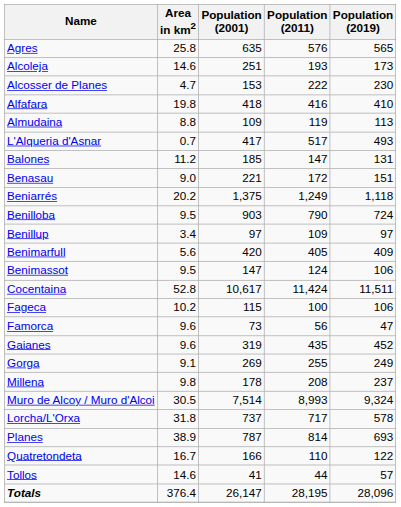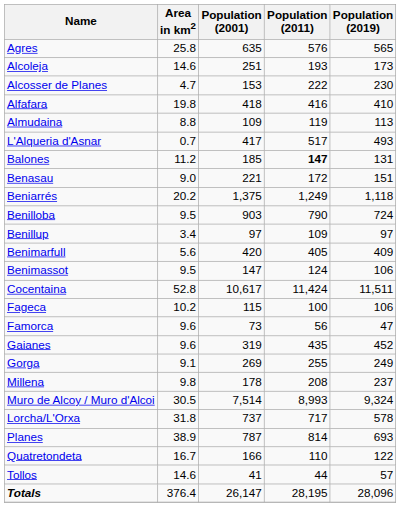 <table class="wikitable sortable">
 <tr>
 <th><strong>Name</strong></th>
 <th><strong>Area<br>in km<sup>2</sup></strong></th>
 <th><strong>Population<br>(2001)</strong></th>
 <th><strong>Population<br>(2011)</strong></th>
 <th><strong>Population<br>(2019)</strong></th>
 </tr>
 <tr>
 <td><a href='#'>Agres</a></td>
 <td align=right>25.8</td>
 <td align=right>635</td>
 <td align=right>576</td>
 <td align=right>565</td>
 </tr>
 <tr>
 <td><a href='#'>Alcoleja</a></td>
 <td align=right>14.6</td>
 <td align=right>251</td>
 <td align=right>193</td>
 <td align=right>173</td>
 </tr>
 <tr>
 <td><a href='#'>Alcosser de Planes</a></td>
 <td align=right>4.7</td>
 <td align=right>153</td>
 <td align=right>222</td>
 <td align=right>230</td>
 </tr>
 <tr>
 <td><a href='#'>Alfafara</a></td>
 <td align=right>19.8</td>
 <td align=right>418</td>
 <td align=right>416</td>
 <td align=right>410</td>
 </tr>
 <tr>
 <td><a href='#'>Almudaina</a></td>
 <td align=right>8.8</td>
 <td align=right>109</td>
 <td align=right>119</td>
 <td align=right>113</td>
 </tr>
 <tr>
 <td><a href='#'>L'Alqueria d'Asnar</a></td>
 <td align=right>0.7</td>
 <td align=right>417</td>
 <td align=right>517</td>
 <td align=right>493</td>
 </tr>
 <tr>
 <td><a href='#'>Balones</a></td>
 <td align=right>11.2</td>
 <td align=right>185</td>
-<td align=right>147</td>
+<td align=right><strong>147</strong></td>
 <td align=right>131</td>
 </tr>
 <tr>
 <td><a href='#'>Benasau</a></td>
 <td align=right>9.0</td>
 <td align=right>221</td>
 <td align=right>172</td>
 <td align=right>151</td>
 </tr>
 <tr>
 <td><a href='#'>Beniarrés</a></td>
 <td align=right>20.2</td>
 <td align=right>1,375</td>
 <td align=right>1,249</td>
 <td align=right>1,118</td>
 </tr>
 <tr>
 <td><a href='#'>Benilloba</a></td>
 <td align=right>9.5</td>
 <td align=right>903</td>
 <td align=right>790</td>
 <td align=right>724</td>
 </tr>
 <tr>
 <td><a href='#'>Benillup</a></td>
 <td align=right>3.4</td>
 <td align=right>97</td>
 <td align=right>109</td>
 <td align=right>97</td>
 </tr>
 <tr>
 <td><a href='#'>Benimarfull</a></td>
 <td align=right>5.6</td>
 <td align=right>420</td>
 <td align=right>405</td>
 <td align=right>409</td>
 </tr>
 <tr>
 <td><a href='#'>Benimassot</a></td>
 <td align=right>9.5</td>
 <td align=right>147</td>
 <td align=right>124</td>
 <td align=right>106</td>
 </tr>
 <tr>
 <td><a href='#'>Cocentaina</a></td>
 <td align=right>52.8</td>
 <td align=right>10,617</td>
 <td align=right>11,424</td>
 <td align=right>11,511</td>
 </tr>
 <tr>
 <td><a href='#'>Fageca</a></td>
 <td align=right>10.2</td>
 <td align=right>115</td>
 <td align=right>100</td>
 <td align=right>106</td>
 </tr>
 <tr>
 <td><a href='#'>Famorca</a></td>
 <td align=right>9.6</td>
 <td align=right>73</td>
 <td align=right>56</td>
 <td align=right>47</td>
 </tr>
 <tr>
 <td><a href='#'>Gaianes</a></td>
 <td align=right>9.6</td>
 <td align=right>319</td>
 <td align=right>435</td>
 <td align=right>452</td>
 </tr>
 <tr>
 <td><a href='#'>Gorga</a></td>
 <td align=right>9.1</td>
 <td align=right>269</td>
 <td align=right>255</td>
 <td align=right>249</td>
 </tr>
 <tr>
 <td><a href='#'>Millena</a></td>
 <td align=right>9.8</td>
 <td align=right>178</td>
 <td align=right>208</td>
 <td align=right>237</td>
 </tr>
 <tr>
 <td><a href='#'>Muro de Alcoy / Muro d'Alcoi</a></td>
 <td align=right>30.5</td>
 <td align=right>7,514</td>
 <td align=right>8,993</td>
 <td align=right>9,324</td>
 </tr>
 <tr>
 <td><a href='#'>Lorcha/L'Orxa</a></td>
 <td align=right>31.8</td>
 <td align=right>737</td>
 <td align=right>717</td>
 <td align=right>578</td>
 </tr>
 <tr>
 <td><a href='#'>Planes</a></td>
 <td align=right>38.9</td>
 <td align=right>787</td>
 <td align=right>814</td>
 <td align=right>693</td>
 </tr>
 <tr>
 <td><a href='#'>Quatretondeta</a></td>
 <td align=right>16.7</td>
 <td align=right>166</td>
 <td align=right>110</td>
 <td align=right>122</td>
 </tr>
 <tr>
 <td><a href='#'>Tollos</a></td>
 <td align=right>14.6</td>
 <td align=right>41</td>
 <td align=right>44</td>
 <td align=right>57</td>
 </tr>
 <tr>
 <td><strong><em>Totals</em></strong></td>
 <td align=right>376.4</td>
 <td align=right>26,147</td>
 <td align=right>28,195</td>
 <td align=right>28,096</td>
 </tr>
 <tr>
 </tr>
 </table>
